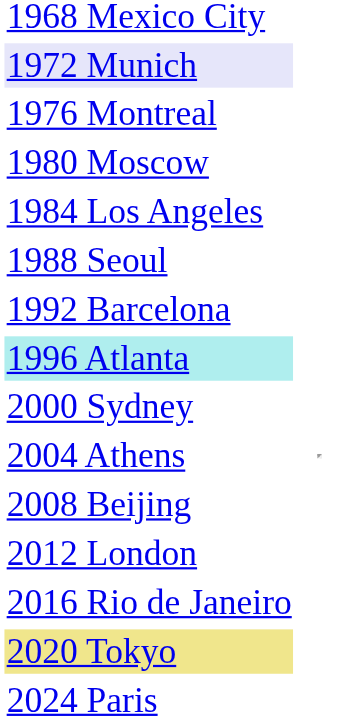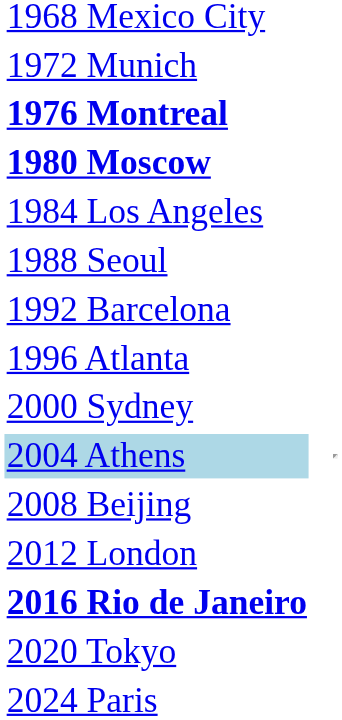 <table>
 <tr>
 <td><a href='#'>1968 Mexico City</a><br></td>
 <td></td>
 <td></td>
 <td></td>
 </tr>
 <tr>
-<td style="background: lavender;"><a href='#'>1972 Munich</a><br></td>
+<td><a href='#'>1972 Munich</a><br></td>
 <td></td>
 <td></td>
 <td></td>
 </tr>
 <tr>
-<td><a href='#'>1976 Montreal</a><br></td>
+<td><strong><a href='#'>1976 Montreal</a><br></strong></td>
 <td></td>
 <td></td>
 <td></td>
 </tr>
 <tr>
-<td><a href='#'>1980 Moscow</a><br></td>
+<td><strong><a href='#'>1980 Moscow</a><br></strong></td>
 <td></td>
 <td></td>
 <td></td>
 </tr>
 <tr>
 <td><a href='#'>1984 Los Angeles</a><br></td>
 <td></td>
 <td></td>
 <td></td>
 </tr>
 <tr>
 <td><a href='#'>1988 Seoul</a><br></td>
 <td></td>
 <td></td>
 <td></td>
 </tr>
 <tr>
 <td><a href='#'>1992 Barcelona</a><br></td>
 <td></td>
 <td></td>
 <td></td>
 </tr>
 <tr>
-<td style="background: paleturquoise;"><a href='#'>1996 Atlanta</a><br></td>
+<td><a href='#'>1996 Atlanta</a><br></td>
 <td></td>
 <td></td>
 <td></td>
 </tr>
 <tr>
 <td><a href='#'>2000 Sydney</a><br></td>
 <td></td>
 <td></td>
 <td></td>
 </tr>
 <tr>
-<td><a href='#'>2004 Athens</a><br></td>
+<td style="background: lightblue;"><a href='#'>2004 Athens</a><br></td>
 <td></td>
 <td></td>
 <td><hr></td>
 </tr>
 <tr>
 <td><a href='#'>2008 Beijing</a><br></td>
 <td></td>
 <td></td>
 <td></td>
 </tr>
 <tr>
 <td><a href='#'>2012 London</a><br></td>
 <td></td>
 <td></td>
 <td></td>
 </tr>
 <tr>
-<td><a href='#'>2016 Rio de Janeiro</a><br></td>
+<td><strong><a href='#'>2016 Rio de Janeiro</a><br></strong></td>
 <td></td>
 <td></td>
 <td></td>
 </tr>
 <tr>
-<td style="background: khaki;"><a href='#'>2020 Tokyo</a><br></td>
+<td><a href='#'>2020 Tokyo</a><br></td>
 <td></td>
 <td></td>
 <td></td>
 </tr>
 <tr>
 <td><a href='#'>2024 Paris</a><br></td>
 <td></td>
 <td></td>
 <td></td>
 </tr>
 </table>
